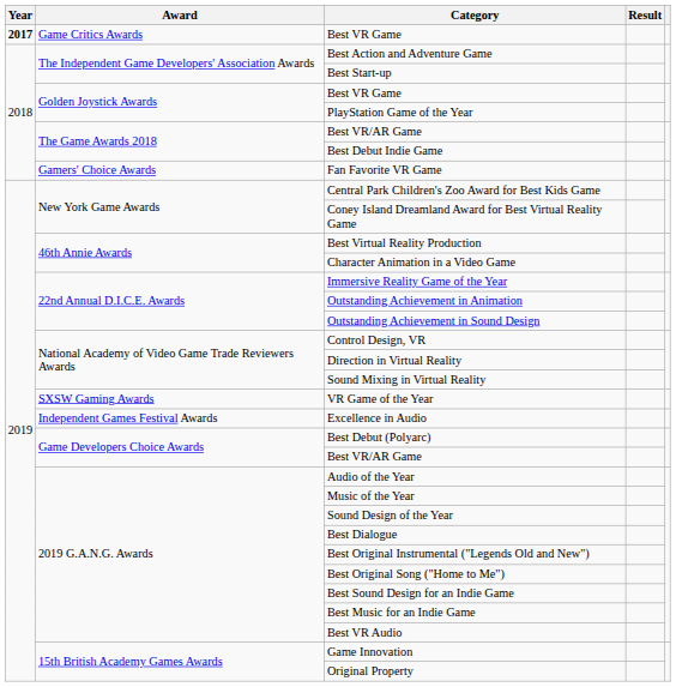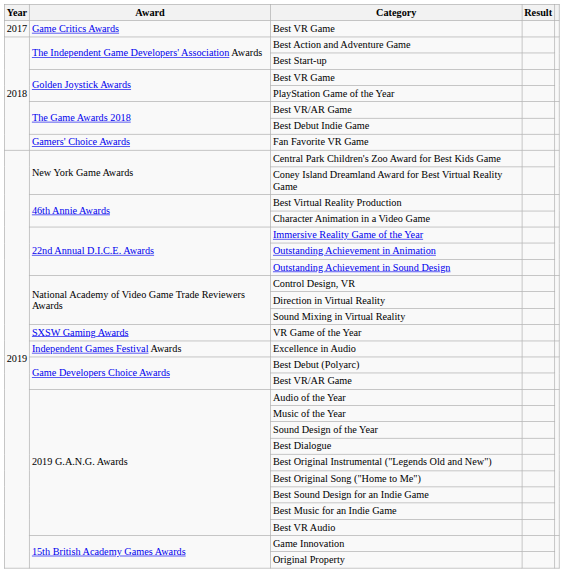 <table class="wikitable sortable">
 <tr>
 <th>Year</th>
 <th>Award</th>
 <th>Category</th>
 <th>Result</th>
 <th></th>
 </tr>
 <tr>
-<td style="text-align:center;" rowspan="1"><strong>2017</strong></td>
+<td style="text-align:center;" rowspan="1">2017</td>
 <td><a href='#'>Game Critics Awards</a></td>
 <td>Best VR Game</td>
 <td></td>
 <td style="text-align:center;"></td>
 </tr>
 <tr>
 <td style="text-align:center;" rowspan="7">2018</td>
 <td rowspan="2"><a href='#'>The Independent Game Developers' Association</a> Awards</td>
 <td>Best Action and Adventure Game</td>
 <td></td>
 <td rowspan="2" style="text-align:center;"></td>
 </tr>
 <tr>
 <td>Best Start-up</td>
 <td></td>
 </tr>
 <tr>
 <td rowspan="2"><a href='#'>Golden Joystick Awards</a></td>
 <td>Best VR Game</td>
 <td></td>
 <td rowspan="2" style="text-align:center;"></td>
 </tr>
 <tr>
 <td>PlayStation Game of the Year</td>
 <td></td>
 </tr>
 <tr>
 <td rowspan="2"><a href='#'>The Game Awards 2018</a></td>
 <td>Best VR/AR Game</td>
 <td></td>
 <td rowspan="2" style="text-align:center;"></td>
 </tr>
 <tr>
 <td>Best Debut Indie Game</td>
 <td></td>
 </tr>
 <tr>
 <td><a href='#'>Gamers' Choice Awards</a></td>
 <td>Fan Favorite VR Game</td>
 <td></td>
 <td style="text-align:center;"></td>
 </tr>
 <tr>
 <td style="text-align:center;" rowspan="25">2019</td>
 <td rowspan="2">New York Game Awards</td>
 <td>Central Park Children's Zoo Award for Best Kids Game</td>
 <td></td>
 <td rowspan="2" style="text-align:center;"></td>
 </tr>
 <tr>
 <td>Coney Island Dreamland Award for Best Virtual Reality Game</td>
 <td></td>
 </tr>
 <tr>
 <td rowspan="2"><a href='#'>46th Annie Awards</a></td>
 <td>Best Virtual Reality Production</td>
 <td></td>
 <td rowspan="2" style="text-align:center;"></td>
 </tr>
 <tr>
 <td>Character Animation in a Video Game</td>
 <td></td>
 </tr>
 <tr>
 <td rowspan="3"><a href='#'>22nd Annual D.I.C.E. Awards</a></td>
 <td><a href='#'>Immersive Reality Game of the Year</a></td>
 <td></td>
 <td rowspan="3" style="text-align:center;"></td>
 </tr>
 <tr>
 <td><a href='#'>Outstanding Achievement in Animation</a></td>
 <td></td>
 </tr>
 <tr>
 <td><a href='#'>Outstanding Achievement in Sound Design</a></td>
 <td></td>
 </tr>
 <tr>
 <td rowspan="3">National Academy of Video Game Trade Reviewers Awards</td>
 <td>Control Design, VR</td>
 <td></td>
 <td rowspan="3" style="text-align:center;"></td>
 </tr>
 <tr>
 <td>Direction in Virtual Reality</td>
 <td></td>
 </tr>
 <tr>
 <td>Sound Mixing in Virtual Reality</td>
 <td></td>
 </tr>
 <tr>
 <td><a href='#'>SXSW Gaming Awards</a></td>
 <td>VR Game of the Year</td>
 <td></td>
 <td style="text-align:center;"></td>
 </tr>
 <tr>
 <td><a href='#'>Independent Games Festival</a> Awards</td>
 <td>Excellence in Audio</td>
 <td></td>
 <td style="text-align:center;"></td>
 </tr>
 <tr>
 <td rowspan="2"><a href='#'>Game Developers Choice Awards</a></td>
 <td>Best Debut (Polyarc)</td>
 <td></td>
 <td rowspan="2" style="text-align:center;"></td>
 </tr>
 <tr>
 <td>Best VR/AR Game</td>
 <td></td>
 </tr>
 <tr>
 <td rowspan="9">2019 G.A.N.G. Awards</td>
 <td>Audio of the Year</td>
 <td></td>
 <td rowspan="9" style="text-align:center;"></td>
 </tr>
 <tr>
 <td>Music of the Year</td>
 <td></td>
 </tr>
 <tr>
 <td>Sound Design of the Year</td>
 <td></td>
 </tr>
 <tr>
 <td>Best Dialogue</td>
 <td></td>
 </tr>
 <tr>
 <td>Best Original Instrumental ("Legends Old and New")</td>
 <td></td>
 </tr>
 <tr>
 <td>Best Original Song ("Home to Me")</td>
 <td></td>
 </tr>
 <tr>
 <td>Best Sound Design for an Indie Game</td>
 <td></td>
 </tr>
 <tr>
 <td>Best Music for an Indie Game</td>
 <td></td>
 </tr>
 <tr>
 <td>Best VR Audio</td>
 <td></td>
 </tr>
 <tr>
 <td rowspan="2"><a href='#'>15th British Academy Games Awards</a></td>
 <td>Game Innovation</td>
 <td></td>
 <td rowspan="2" style="text-align:center;"></td>
 </tr>
 <tr>
 <td>Original Property</td>
 <td></td>
 </tr>
 </table>
